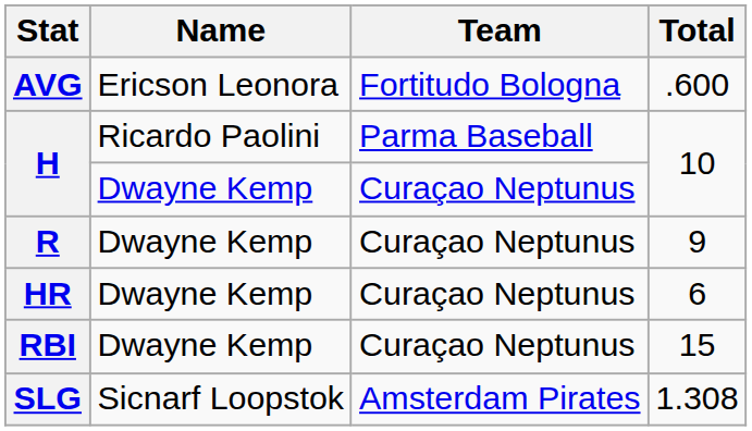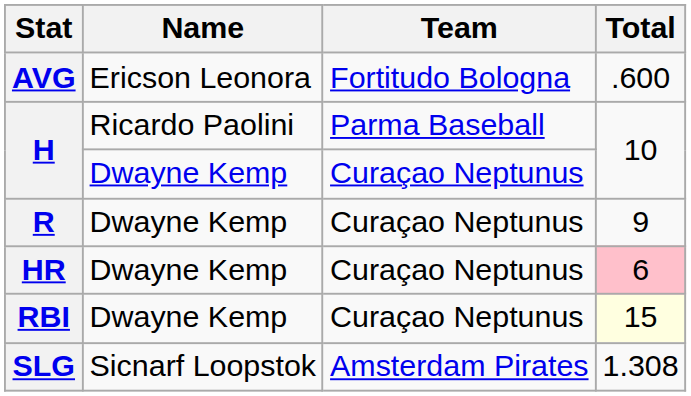 <table class=wikitable>
 <tr>
 <th scope="col">Stat</th>
 <th scope="col">Name</th>
 <th scope="col">Team</th>
 <th scope="col">Total</th>
 </tr>
 <tr>
 <th scope="row"><a href='#'>AVG</a></th>
 <td> Ericson Leonora</td>
 <td> <a href='#'>Fortitudo Bologna</a></td>
 <td align=center>.600</td>
 </tr>
 <tr>
 <th scope="row" rowspan=2><a href='#'>H</a></th>
 <td> Ricardo Paolini</td>
 <td> <a href='#'>Parma Baseball</a></td>
 <td align=center rowspan=2>10</td>
 </tr>
 <tr>
 <td> <a href='#'>Dwayne Kemp</a></td>
 <td> <a href='#'>Curaçao Neptunus</a></td>
 </tr>
 <tr>
 <th scope="row"><a href='#'>R</a></th>
 <td> Dwayne Kemp</td>
 <td> Curaçao Neptunus</td>
 <td align=center>9</td>
 </tr>
 <tr>
 <th scope="row"><a href='#'>HR</a></th>
 <td> Dwayne Kemp</td>
 <td> Curaçao Neptunus</td>
-<td align=center>6</td>
+<td align=center style="background: pink;">6</td>
 </tr>
 <tr>
 <th scope="row"><a href='#'>RBI</a></th>
 <td> Dwayne Kemp</td>
 <td> Curaçao Neptunus</td>
-<td align=center>15</td>
+<td align=center style="background: lightyellow;">15</td>
 </tr>
 <tr>
 <th scope="row"><a href='#'>SLG</a></th>
 <td> Sicnarf Loopstok</td>
 <td> <a href='#'>Amsterdam Pirates</a></td>
 <td align=center>1.308</td>
 </tr>
 </table>
